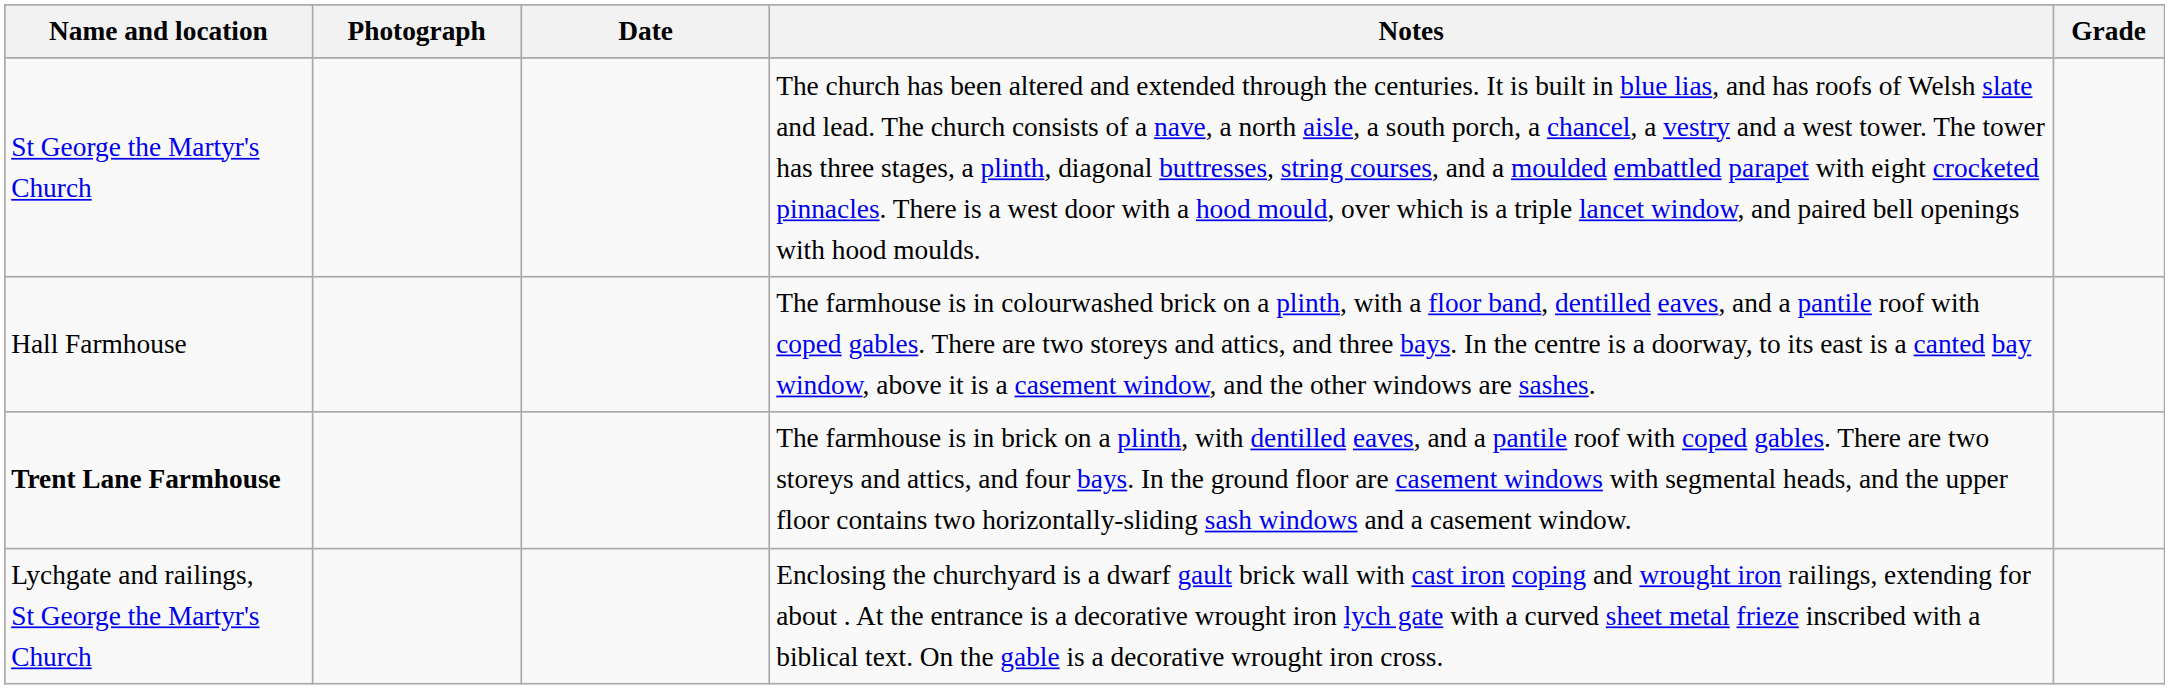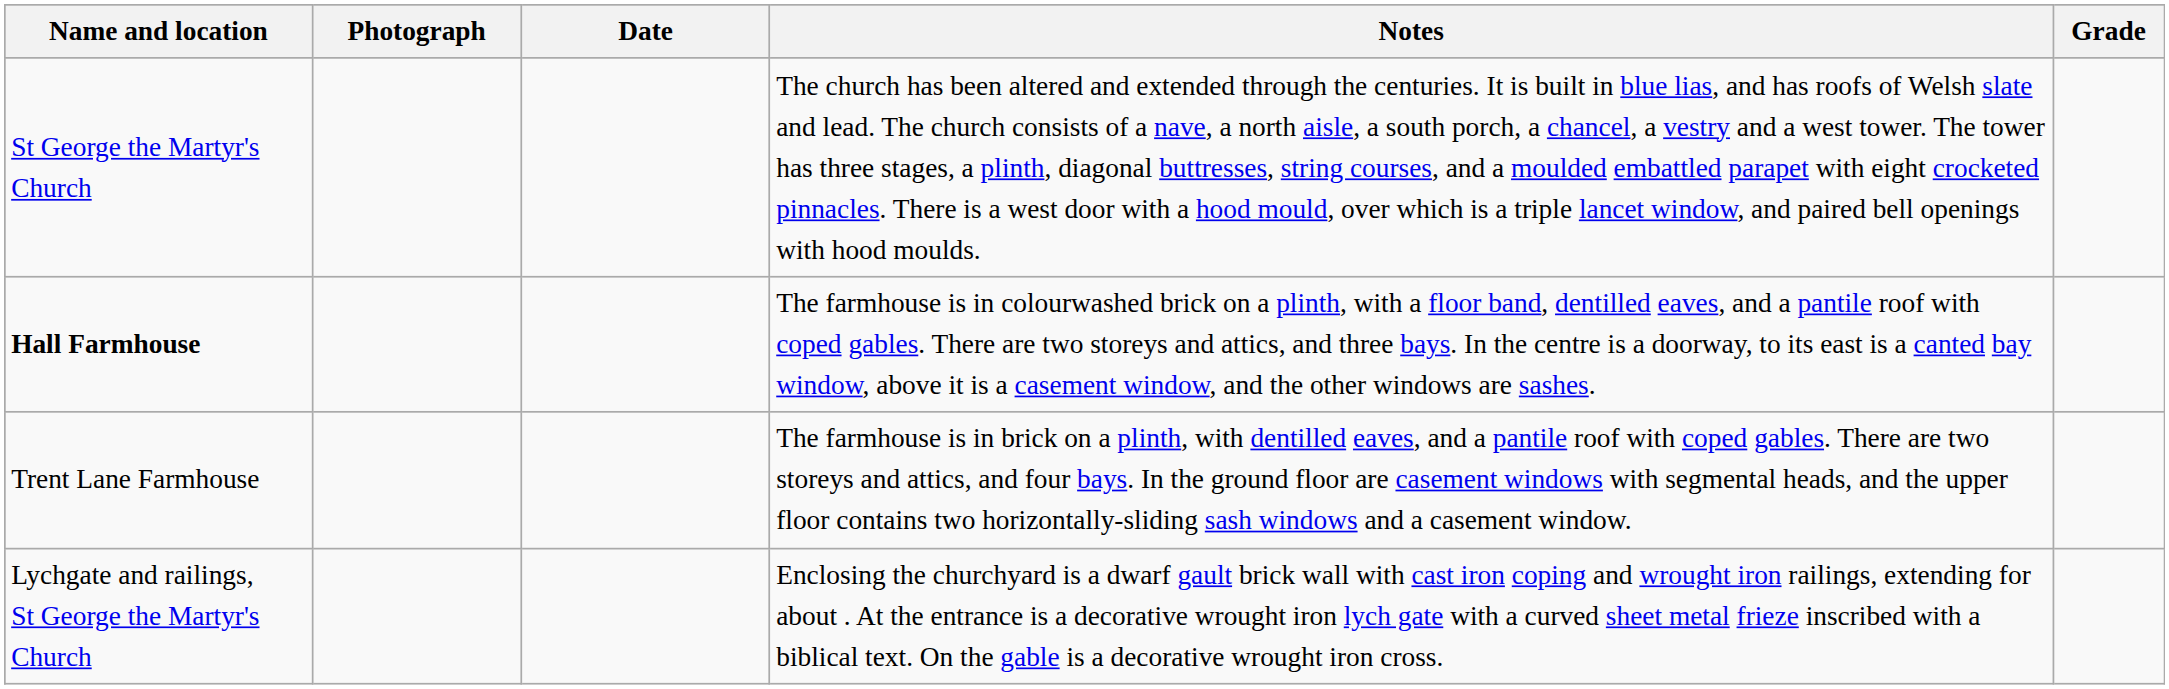 <table class="wikitable sortable plainrowheaders" style="width:100%; border:0px; text-align:left; line-height:150%">
 <tr>
 <th scope="col"  style="width:150px">Name and location</th>
 <th scope="col"  style="width:100px" class="unsortable">Photograph</th>
 <th scope="col"  style="width:120px">Date</th>
 <th scope="col"  style="width:650px" class="unsortable">Notes</th>
 <th scope="col"  style="width:50px">Grade</th>
 </tr>
 <tr>
 <td><a href='#'>St George the Martyr's Church</a><br><small></small></td>
 <td></td>
 <td align="center"></td>
 <td>The church has been altered and extended through the centuries.  It is built in <a href='#'>blue lias</a>, and has roofs of Welsh <a href='#'>slate</a> and lead.  The church consists of a <a href='#'>nave</a>, a north <a href='#'>aisle</a>, a south porch, a <a href='#'>chancel</a>, a <a href='#'>vestry</a> and a west tower.  The tower has three stages, a <a href='#'>plinth</a>, diagonal <a href='#'>buttresses</a>, <a href='#'>string courses</a>, and a <a href='#'>moulded</a> <a href='#'>embattled</a> <a href='#'>parapet</a> with eight <a href='#'>crocketed</a> <a href='#'>pinnacles</a>.  There is a west door with a <a href='#'>hood mould</a>, over which is a triple <a href='#'>lancet window</a>, and paired bell openings with hood moulds.</td>
 <td align="center" ></td>
 </tr>
 <tr>
-<td>Hall Farmhouse<br><small></small></td>
+<td><strong>Hall Farmhouse<br><small></small></strong></td>
 <td></td>
 <td align="center"></td>
 <td>The farmhouse is in colourwashed brick on a <a href='#'>plinth</a>, with a <a href='#'>floor band</a>, <a href='#'>dentilled</a> <a href='#'>eaves</a>, and a <a href='#'>pantile</a> roof with <a href='#'>coped</a> <a href='#'>gables</a>.  There are two storeys and attics, and three <a href='#'>bays</a>.  In the centre is a doorway, to its east is a <a href='#'>canted</a> <a href='#'>bay window</a>, above it is a <a href='#'>casement window</a>, and the other windows are <a href='#'>sashes</a>.</td>
 <td align="center" ></td>
 </tr>
 <tr>
-<td><strong>Trent Lane Farmhouse<br><small></small></strong></td>
+<td>Trent Lane Farmhouse<br><small></small></td>
 <td></td>
 <td align="center"></td>
 <td>The farmhouse is in brick on a <a href='#'>plinth</a>, with <a href='#'>dentilled</a> <a href='#'>eaves</a>, and a <a href='#'>pantile</a> roof with <a href='#'>coped</a> <a href='#'>gables</a>.  There are two storeys and attics, and four <a href='#'>bays</a>.  In the ground floor are <a href='#'>casement windows</a> with segmental heads, and the upper floor contains two horizontally-sliding <a href='#'>sash windows</a> and a casement window.</td>
 <td align="center" ></td>
 </tr>
 <tr>
 <td>Lychgate and railings,<br><a href='#'>St George the Martyr's Church</a><br><small></small></td>
 <td></td>
 <td align="center"></td>
 <td>Enclosing the churchyard is a dwarf <a href='#'>gault</a> brick wall with <a href='#'>cast iron</a> <a href='#'>coping</a> and <a href='#'>wrought iron</a> railings, extending for about . At the entrance is a decorative wrought iron <a href='#'>lych gate</a> with a curved <a href='#'>sheet metal</a> <a href='#'>frieze</a> inscribed with a biblical text.  On the <a href='#'>gable</a> is a decorative wrought iron cross.</td>
 <td align="center" ></td>
 </tr>
 <tr>
 </tr>
 </table>
